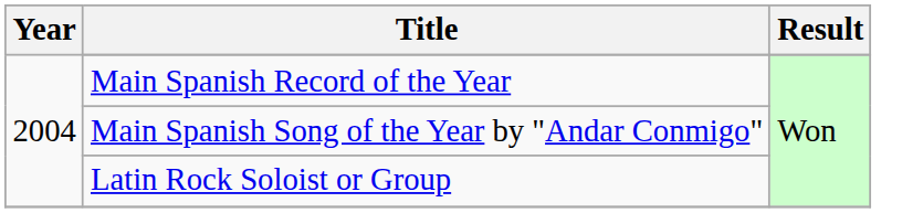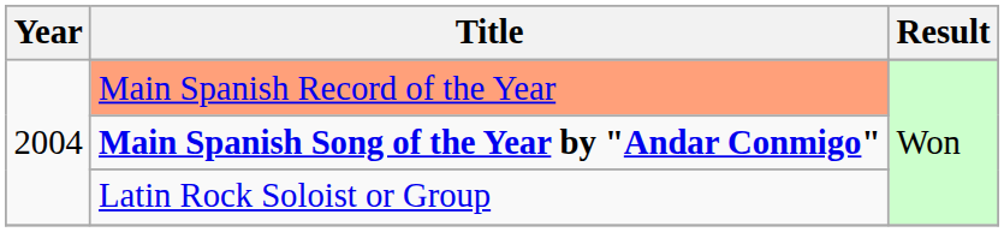 <table class="wikitable">
 <tr>
 <th>Year</th>
 <th>Title</th>
 <th>Result</th>
 </tr>
 <tr>
 <td rowspan="4">2004</td>
 </tr>
 <tr>
-<td><a href='#'>Main Spanish Record of the Year</a></td>
+<td style="background: lightsalmon;"><a href='#'>Main Spanish Record of the Year</a></td>
 <td style="background:#cfc;" rowspan="3">Won</td>
 </tr>
 <tr>
-<td><a href='#'>Main Spanish Song of the Year</a> by "<a href='#'>Andar Conmigo</a>"</td>
+<td><strong><a href='#'>Main Spanish Song of the Year</a> by "<a href='#'>Andar Conmigo</a>"</strong></td>
 </tr>
 <tr>
 <td><a href='#'>Latin Rock Soloist or Group</a></td>
 </tr>
 <tr>
 </tr>
 </table>
